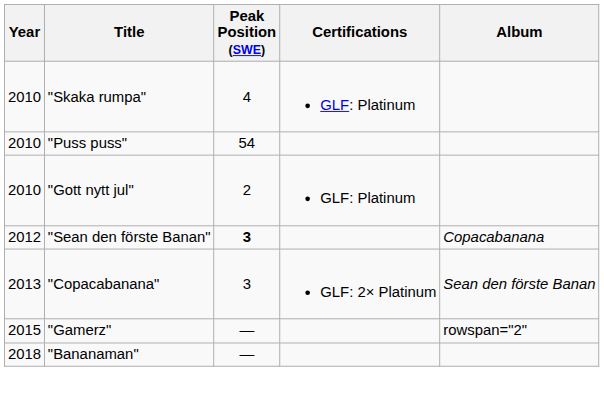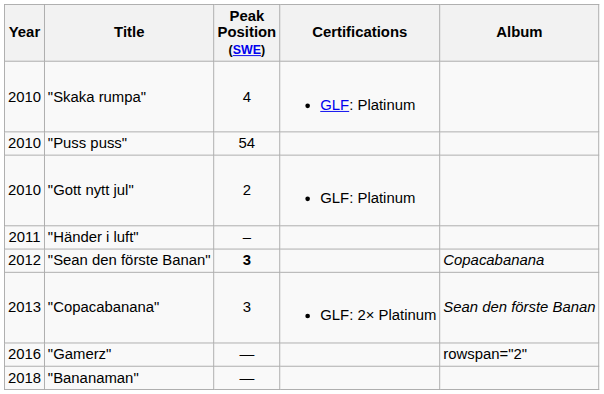 <table class="sortable wikitable">
 <tr>
 <th>Year</th>
 <th>Title</th>
 <th>Peak <br>Position<br><small>(<a href='#'>SWE</a>)<br></small></th>
 <th>Certifications</th>
 <th>Album</th>
 </tr>
 <tr>
 <td align="center">2010</td>
 <td>"Skaka rumpa"</td>
 <td align="center">4</td>
 <td><br><ul><li><a href='#'>GLF</a>: Platinum</li></ul></td>
 <td></td>
 </tr>
 <tr>
 <td align="center">2010</td>
 <td>"Puss puss"</td>
 <td align="center">54</td>
 <td></td>
 <td></td>
 </tr>
 <tr>
 <td align="center">2010</td>
 <td>"Gott nytt jul"</td>
 <td align="center">2</td>
 <td><br><ul><li>GLF: Platinum</li></ul></td>
 <td></td>
 </tr>
 <tr>
+<td align="center">2011</td>
+<td>"Händer i luft"</td>
+<td align="center">–</td>
+<td></td>
+<td></td>
+</tr>
+<tr>
 <td align="center">2012</td>
 <td>"Sean den förste Banan"</td>
 <td align="center"><strong>3</strong></td>
 <td></td>
 <td><em>Copacabanana</em></td>
 </tr>
 <tr>
 <td align="center">2013</td>
 <td>"Copacabanana"</td>
 <td align="center">3</td>
 <td><br><ul><li>GLF: 2× Platinum</li></ul></td>
 <td><em>Sean den förste Banan</em></td>
 </tr>
 <tr>
-<td align="center">2015</td>
+<td align="center">2016</td>
 <td>"Gamerz"</td>
 <td align="center">—</td>
 <td></td>
 <td>rowspan="2" </td>
 </tr>
 <tr>
 <td align="center">2018</td>
 <td>"Bananaman"</td>
 <td align="center">—</td>
 <td></td>
 </tr>
 </table>
